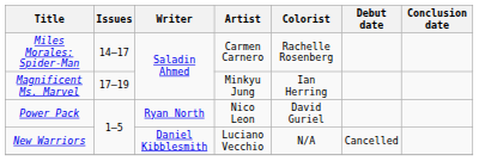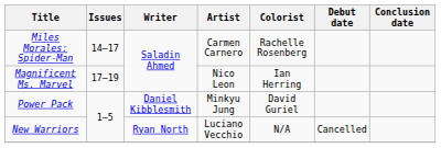 <table class="wikitable" border="2" class="wikitable" style="text-align:center;">
 <tr>
 <th scope="col">Title</th>
 <th scope="col">Issues</th>
 <th scope="col">Writer</th>
 <th scope="col">Artist</th>
 <th scope="col">Colorist</th>
 <th scope="col">Debut date</th>
 <th scope="col">Conclusion date</th>
 </tr>
 <tr>
 <td><em><a href='#'>Miles Morales: Spider-Man</a></em></td>
 <td>14–17</td>
 <td rowspan="2"><a href='#'>Saladin Ahmed</a></td>
 <td>Carmen Carnero</td>
 <td>Rachelle Rosenberg</td>
 <td></td>
 <td></td>
 </tr>
 <tr>
 <td><em><a href='#'>Magnificent Ms. Marvel</a></em></td>
 <td>17–19</td>
-<td>Minkyu Jung</td>
+<td>Nico Leon</td>
 <td>Ian Herring</td>
 <td></td>
 <td></td>
 </tr>
 <tr>
 <td><em><a href='#'>Power Pack</a></em></td>
 <td rowspan="2">1–5</td>
-<td><a href='#'>Ryan North</a></td>
-<td>Nico Leon</td>
+<td><a href='#'>Daniel Kibblesmith</a></td>
+<td>Minkyu Jung</td>
 <td>David Guriel</td>
 <td></td>
 <td></td>
 </tr>
 <tr>
 <td><em><a href='#'>New Warriors</a></em></td>
-<td><a href='#'>Daniel Kibblesmith</a></td>
+<td><a href='#'>Ryan North</a></td>
 <td>Luciano Vecchio</td>
 <td>N/A</td>
 <td>Cancelled</td>
 <td></td>
 </tr>
 <tr>
 </tr>
 </table>
